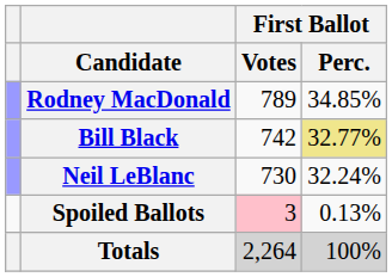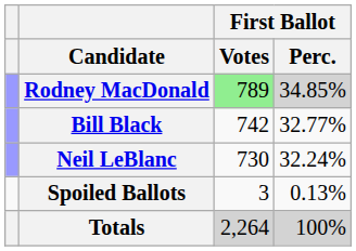 <table class="wikitable">
 <tr>
 <th width="3"></th>
 <th></th>
 <th colspan="2">First Ballot</th>
 </tr>
 <tr>
 <th width="3"></th>
 <th>Candidate</th>
 <th>Votes</th>
 <th>Perc.</th>
 </tr>
 <tr>
 <td bgcolor="#9999FF"></td>
 <th><a href='#'>Rodney MacDonald</a></th>
-<td align="right">789</td>
-<td align="right">34.85%</td>
+<td align="right" style="background: lightgreen;">789</td>
+<td align="right" style="background: lightgrey;">34.85%</td>
 </tr>
 <tr>
 <td bgcolor="#9999FF"></td>
 <th><a href='#'>Bill Black</a></th>
 <td align="right">742</td>
-<td align="right" style="background: khaki;">32.77%</td>
+<td align="right">32.77%</td>
 </tr>
 <tr>
 <td bgcolor="#9999FF"></td>
 <th><a href='#'>Neil LeBlanc</a></th>
 <td align="right">730</td>
 <td align="right">32.24%</td>
 </tr>
 <tr>
 <td></td>
 <th>Spoiled Ballots</th>
-<td align="right" style="background: pink;">3</td>
+<td align="right">3</td>
 <td align="right">0.13%</td>
 </tr>
 <tr bgcolor=lightgrey>
 <th></th>
 <th>Totals</th>
 <td align="right">2,264</td>
 <td align="right">100%</td>
 </tr>
 </table>
